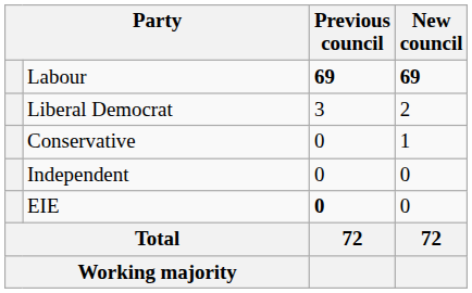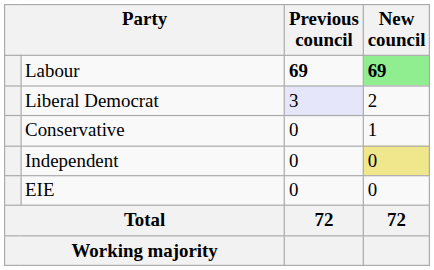 <table class="wikitable">
 <tr>
 <th valign=top colspan="2" style="width: 230px">Party</th>
 <th valign=top style="width: 30px">Previous council</th>
 <th valign=top style="width: 30px">New council</th>
 </tr>
 <tr>
 <th style="background-color: "></th>
 <td>Labour</td>
 <td><strong>69</strong></td>
-<td><strong>69</strong></td>
+<td style="background: lightgreen;"><strong>69</strong></td>
 </tr>
 <tr>
 <th style="background-color: "></th>
 <td>Liberal Democrat</td>
-<td>3</td>
+<td style="background: lavender;">3</td>
 <td>2</td>
 </tr>
 <tr>
 <th style="background-color: "></th>
 <td>Conservative</td>
 <td>0</td>
 <td>1</td>
 </tr>
 <tr>
 <th style="background-color: "></th>
 <td>Independent</td>
 <td>0</td>
-<td>0</td>
+<td style="background: khaki;">0</td>
 </tr>
 <tr>
 <th style="background-color: "></th>
 <td>EIE</td>
-<td><strong>0</strong></td>
+<td>0</td>
 <td>0</td>
 </tr>
 <tr>
 <th colspan=2>Total</th>
 <th style="text-align: center">72</th>
 <th colspan=3>72</th>
 </tr>
 <tr>
 <th colspan=2>Working majority</th>
 <th></th>
 <th></th>
 </tr>
 </table>
